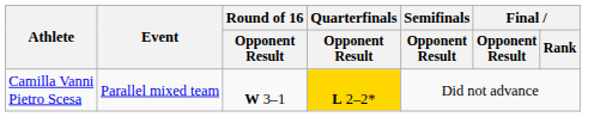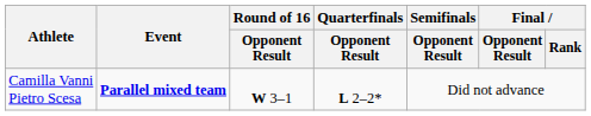 <table class="wikitable" style="font-size:90%">
 <tr>
 <th rowspan="2">Athlete</th>
 <th rowspan="2">Event</th>
 <th>Round of 16</th>
 <th>Quarterfinals</th>
 <th>Semifinals</th>
 <th colspan=2>Final / </th>
 </tr>
 <tr style="font-size:95%">
 <th>Opponent<br>Result</th>
 <th>Opponent<br>Result</th>
 <th>Opponent<br>Result</th>
 <th>Opponent<br>Result</th>
 <th>Rank</th>
 </tr>
 <tr align=center>
 <td align=left><a href='#'>Camilla Vanni</a><br><a href='#'>Pietro Scesa</a></td>
-<td align=left><a href='#'>Parallel mixed team</a></td>
+<td align=left><strong><a href='#'>Parallel mixed team</a></strong></td>
 <td><br><strong>W</strong> 3–1</td>
-<td style="background: gold;"><br><strong>L</strong> 2–2*</td>
+<td><br><strong>L</strong> 2–2*</td>
 <td colspan=3>Did not advance</td>
 </tr>
 </table>
